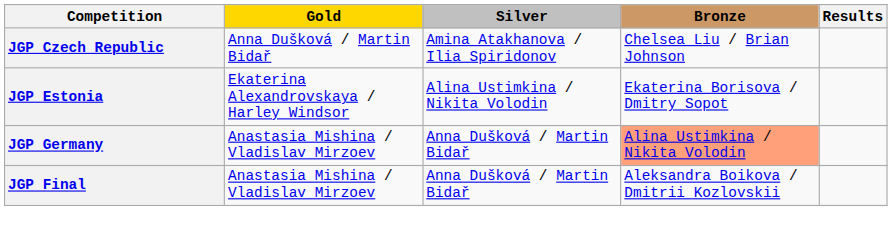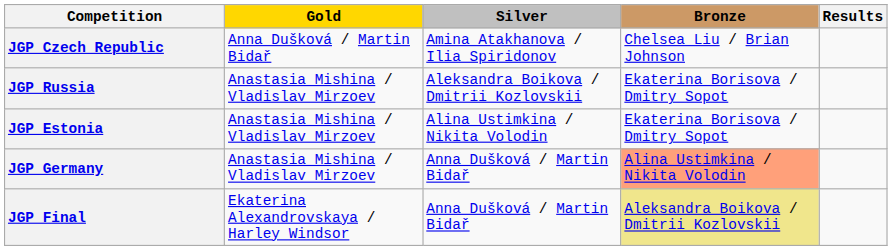 <table class="wikitable unsortable" style="text-align:left; width:90%">
 <tr>
 <th scope="col" style="text-align:center; width:25%;">Competition</th>
 <td scope="col" style="text-align:center; width:22.5%; background:gold"><strong>Gold</strong></td>
 <td scope="col" style="text-align:center; width:22.5%; background:silver"><strong>Silver</strong></td>
 <td scope="col" style="text-align:center; width:22.5%; background:#c96"><strong>Bronze</strong></td>
 <th scope="col" style="text-align:center; width:7.5%;">Results</th>
 </tr>
 <tr>
 <th scope="row" style="text-align:left"> <a href='#'>JGP Czech Republic</a></th>
 <td> <a href='#'>Anna Dušková</a> / <a href='#'>Martin Bidař</a></td>
 <td> <a href='#'>Amina Atakhanova</a> / <a href='#'>Ilia Spiridonov</a></td>
 <td> <a href='#'>Chelsea Liu</a> / <a href='#'>Brian Johnson</a></td>
 <td></td>
 </tr>
 <tr>
+<th scope="row" style="text-align:left"> <a href='#'>JGP Russia</a></th>
+<td> <a href='#'>Anastasia Mishina</a> / <a href='#'>Vladislav Mirzoev</a></td>
+<td> <a href='#'>Aleksandra Boikova</a> / <a href='#'>Dmitrii Kozlovskii</a></td>
+<td> <a href='#'>Ekaterina Borisova</a> / <a href='#'>Dmitry Sopot</a></td>
+<td></td>
+</tr>
+<tr>
 <th scope="row" style="text-align:left"> <a href='#'>JGP Estonia</a></th>
-<td> <a href='#'>Ekaterina Alexandrovskaya</a> / <a href='#'>Harley Windsor</a></td>
+<td> <a href='#'>Anastasia Mishina</a> / <a href='#'>Vladislav Mirzoev</a></td>
 <td> <a href='#'>Alina Ustimkina</a> / <a href='#'>Nikita Volodin</a></td>
 <td> <a href='#'>Ekaterina Borisova</a> / <a href='#'>Dmitry Sopot</a></td>
 <td></td>
 </tr>
 <tr>
 <th scope="row" style="text-align:left"> <a href='#'>JGP Germany</a></th>
 <td> <a href='#'>Anastasia Mishina</a> / <a href='#'>Vladislav Mirzoev</a></td>
 <td> <a href='#'>Anna Dušková</a> / <a href='#'>Martin Bidař</a></td>
 <td style="background: lightsalmon;"> <a href='#'>Alina Ustimkina</a> / <a href='#'>Nikita Volodin</a></td>
 <td></td>
 </tr>
 <tr>
 <th scope="row" style="text-align:left"> <a href='#'>JGP Final</a></th>
-<td> <a href='#'>Anastasia Mishina</a> / <a href='#'>Vladislav Mirzoev</a></td>
+<td> <a href='#'>Ekaterina Alexandrovskaya</a> / <a href='#'>Harley Windsor</a></td>
 <td> <a href='#'>Anna Dušková</a> / <a href='#'>Martin Bidař</a></td>
-<td> <a href='#'>Aleksandra Boikova</a> / <a href='#'>Dmitrii Kozlovskii</a></td>
+<td style="background: khaki;"> <a href='#'>Aleksandra Boikova</a> / <a href='#'>Dmitrii Kozlovskii</a></td>
 <td></td>
 </tr>
 </table>
